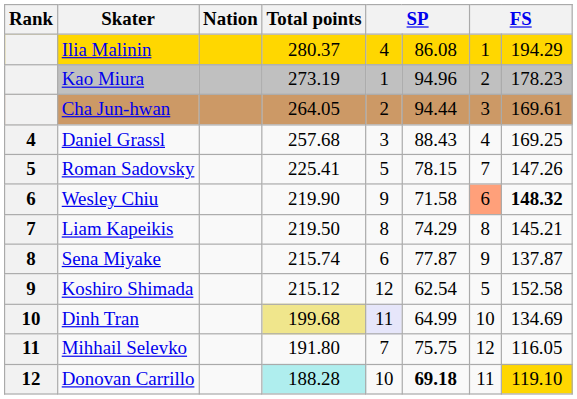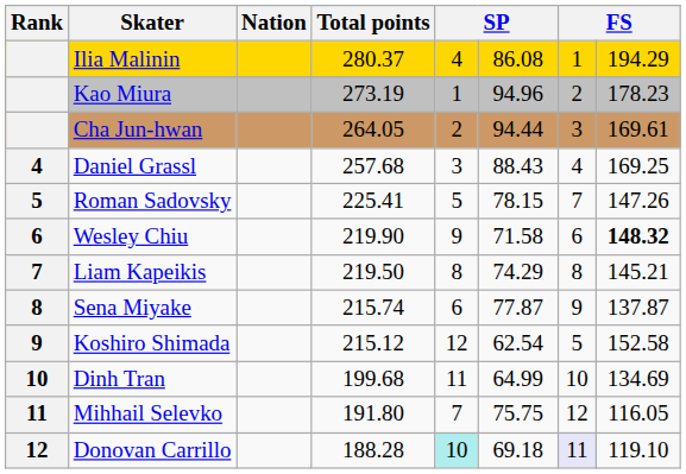 <table class="wikitable sortable" style="text-align:left;">
 <tr>
 <th scope="col">Rank</th>
 <th scope="col">Skater</th>
 <th scope="col">Nation</th>
 <th scope="col">Total points</th>
 <th scope="col" colspan="2" width="80px"><a href='#'>SP</a></th>
 <th scope="col" colspan="2" width="80px"><a href='#'>FS</a></th>
 </tr>
 <tr bgcolor="gold">
 <th scope="row"></th>
 <td><a href='#'>Ilia Malinin</a></td>
 <td></td>
 <td align="center">280.37</td>
 <td align="center">4</td>
 <td align="center">86.08</td>
 <td align="center">1</td>
 <td align="center">194.29</td>
 </tr>
 <tr bgcolor="silver">
 <th scope="row"></th>
 <td><a href='#'>Kao Miura</a></td>
 <td></td>
 <td align="center">273.19</td>
 <td align="center">1</td>
 <td align="center">94.96</td>
 <td align="center">2</td>
 <td align="center">178.23</td>
 </tr>
 <tr bgcolor="cc9966">
 <th scope="row"></th>
 <td><a href='#'>Cha Jun-hwan</a></td>
 <td></td>
 <td align="center">264.05</td>
 <td align="center">2</td>
 <td align="center">94.44</td>
 <td align="center">3</td>
 <td align="center">169.61</td>
 </tr>
 <tr>
 <th scope="row">4</th>
 <td><a href='#'>Daniel Grassl</a></td>
 <td></td>
 <td align="center">257.68</td>
 <td align="center">3</td>
 <td align="center">88.43</td>
 <td align="center">4</td>
 <td align="center">169.25</td>
 </tr>
 <tr>
 <th scope="row">5</th>
 <td><a href='#'>Roman Sadovsky</a></td>
 <td></td>
 <td align="center">225.41</td>
 <td align="center">5</td>
 <td align="center">78.15</td>
 <td align="center">7</td>
 <td align="center">147.26</td>
 </tr>
 <tr>
 <th scope="row">6</th>
 <td><a href='#'>Wesley Chiu</a></td>
 <td></td>
 <td align="center">219.90</td>
 <td align="center">9</td>
 <td align="center">71.58</td>
-<td align="center" style="background: lightsalmon;">6</td>
+<td align="center">6</td>
 <td align="center"><strong>148.32</strong></td>
 </tr>
 <tr>
 <th scope="row">7</th>
 <td><a href='#'>Liam Kapeikis</a></td>
 <td></td>
 <td align="center">219.50</td>
 <td align="center">8</td>
 <td align="center">74.29</td>
 <td align="center">8</td>
 <td align="center">145.21</td>
 </tr>
 <tr>
 <th scope="row">8</th>
 <td><a href='#'>Sena Miyake</a></td>
 <td></td>
 <td align="center">215.74</td>
 <td align="center">6</td>
 <td align="center">77.87</td>
 <td align="center">9</td>
 <td align="center">137.87</td>
 </tr>
 <tr>
 <th scope="row">9</th>
 <td><a href='#'>Koshiro Shimada</a></td>
 <td></td>
 <td align="center">215.12</td>
 <td align="center">12</td>
 <td align="center">62.54</td>
 <td align="center">5</td>
 <td align="center">152.58</td>
 </tr>
 <tr>
 <th scope="row">10</th>
 <td><a href='#'>Dinh Tran</a></td>
 <td></td>
-<td align="center" style="background: khaki;">199.68</td>
-<td align="center" style="background: lavender;">11</td>
+<td align="center">199.68</td>
+<td align="center">11</td>
 <td align="center">64.99</td>
 <td align="center">10</td>
 <td align="center">134.69</td>
 </tr>
 <tr>
 <th scope="row">11</th>
 <td><a href='#'>Mihhail Selevko</a></td>
 <td></td>
 <td align="center">191.80</td>
 <td align="center">7</td>
 <td align="center">75.75</td>
 <td align="center">12</td>
 <td align="center">116.05</td>
 </tr>
 <tr>
 <th scope="row">12</th>
 <td><a href='#'>Donovan Carrillo</a></td>
 <td></td>
-<td align="center" style="background: paleturquoise;">188.28</td>
-<td align="center">10</td>
-<td align="center"><strong>69.18</strong></td>
-<td align="center">11</td>
-<td align="center" style="background: gold;">119.10</td>
+<td align="center">188.28</td>
+<td align="center" style="background: paleturquoise;">10</td>
+<td align="center">69.18</td>
+<td align="center" style="background: lavender;">11</td>
+<td align="center">119.10</td>
 </tr>
 </table>
